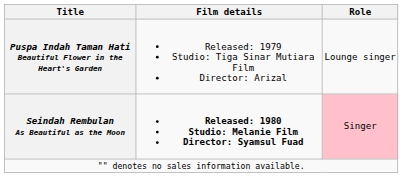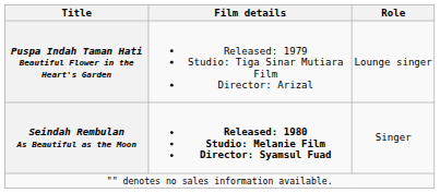 <table class="wikitable plainrowheaders" style="text-align:center;">
 <tr>
 <th scope="col" style="width:14em;">Title</th>
 <th scope="col" style="width:20em;">Film details</th>
 <th scope="col">Role</th>
 </tr>
 <tr>
 <th scope="row"><em>Puspa Indah Taman Hati</em><br><small><em>Beautiful Flower in the Heart's Garden</em></small></th>
 <td><br><ul><li>Released: 1979</li><li>Studio: Tiga Sinar Mutiara Film</li><li>Director: Arizal</li></ul></td>
 <td>Lounge singer</td>
 </tr>
 <tr>
 <th scope="row"><em>Seindah Rembulan</em><br><small><em>As Beautiful as the Moon</em></small></th>
 <td><strong><br><ul><li>Released: 1980</li><li>Studio: Melanie Film</li><li>Director: Syamsul Fuad</li></ul></strong></td>
-<td style="background: pink;">Singer</td>
+<td>Singer</td>
 </tr>
 <tr>
 <td colspan="4" style="font-size:90%">"" denotes no sales information available.</td>
 </tr>
 </table>
